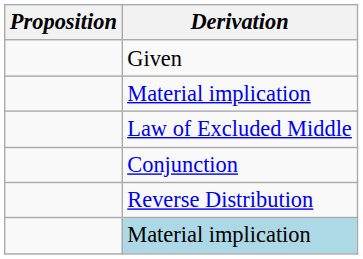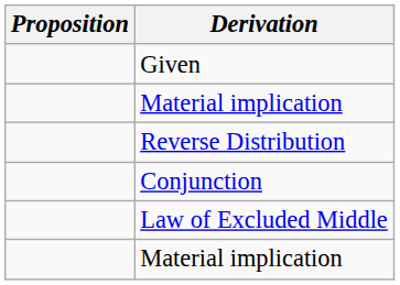 <table class="wikitable">
 <tr>
 <th><em>Proposition</em></th>
 <th><em>Derivation</em></th>
 </tr>
 <tr>
 <td></td>
 <td>Given</td>
 </tr>
 <tr>
 <td></td>
 <td><a href='#'>Material implication</a></td>
 </tr>
 <tr>
 <td></td>
-<td><a href='#'>Law of Excluded Middle</a></td>
+<td><a href='#'>Reverse Distribution</a></td>
 </tr>
 <tr>
 <td></td>
 <td><a href='#'>Conjunction</a></td>
 </tr>
 <tr>
 <td></td>
-<td><a href='#'>Reverse Distribution</a></td>
+<td><a href='#'>Law of Excluded Middle</a></td>
 </tr>
 <tr>
 <td></td>
-<td style="background: lightblue;">Material implication</td>
+<td>Material implication</td>
 </tr>
 </table>
